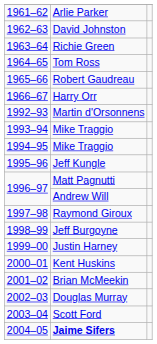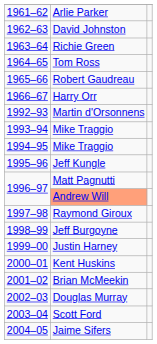 <table class="wikitable sortable">
 <tr>
 </tr>
 <tr>
 <td><a href='#'>1961–62</a></td>
 <td><a href='#'>Arlie Parker</a></td>
 <td><strong><a href='#'></a></strong></td>
 </tr>
 <tr>
 <td><a href='#'>1962–63</a></td>
 <td><a href='#'>David Johnston</a></td>
 <td><strong><a href='#'></a></strong></td>
 </tr>
 <tr>
 <td><a href='#'>1963–64</a></td>
 <td><a href='#'>Richie Green</a></td>
 <td><strong><a href='#'></a></strong></td>
 </tr>
 <tr>
 <td><a href='#'>1964–65</a></td>
 <td><a href='#'>Tom Ross</a></td>
 <td><strong><a href='#'></a></strong></td>
 </tr>
 <tr>
 <td><a href='#'>1965–66</a></td>
 <td><a href='#'>Robert Gaudreau</a></td>
 <td><strong><a href='#'></a></strong></td>
 </tr>
 <tr>
 <td><a href='#'>1966–67</a></td>
 <td><a href='#'>Harry Orr</a></td>
 <td><strong><a href='#'></a></strong></td>
 </tr>
 <tr>
 <td><a href='#'>1992–93</a></td>
 <td><a href='#'>Martin d'Orsonnens</a></td>
 <td><strong><a href='#'></a></strong></td>
 </tr>
 <tr>
 <td><a href='#'>1993–94</a></td>
 <td><a href='#'>Mike Traggio</a></td>
 <td><strong><a href='#'></a></strong></td>
 </tr>
 <tr>
 <td><a href='#'>1994–95</a></td>
 <td><a href='#'>Mike Traggio</a></td>
 <td><strong><a href='#'></a></strong></td>
 </tr>
 <tr>
 <td><a href='#'>1995–96</a></td>
 <td><a href='#'>Jeff Kungle</a></td>
 <td><strong><a href='#'></a></strong></td>
 </tr>
 <tr>
 <td rowspan=2><a href='#'>1996–97</a></td>
 <td><a href='#'>Matt Pagnutti</a></td>
 <td><strong><a href='#'></a></strong></td>
 </tr>
 <tr>
-<td><a href='#'>Andrew Will</a></td>
+<td style="background: lightsalmon;"><a href='#'>Andrew Will</a></td>
 <td><strong><a href='#'></a></strong></td>
 </tr>
 <tr>
 <td><a href='#'>1997–98</a></td>
 <td><a href='#'>Raymond Giroux</a></td>
 <td><strong><a href='#'></a></strong></td>
 </tr>
 <tr>
 <td><a href='#'>1998–99</a></td>
 <td><a href='#'>Jeff Burgoyne</a></td>
 <td><strong><a href='#'></a></strong></td>
 </tr>
 <tr>
 <td><a href='#'>1999–00</a></td>
 <td><a href='#'>Justin Harney</a></td>
 <td><strong><a href='#'></a></strong></td>
 </tr>
 <tr>
 <td><a href='#'>2000–01</a></td>
 <td><a href='#'>Kent Huskins</a></td>
 <td><strong><a href='#'></a></strong></td>
 </tr>
 <tr>
 <td><a href='#'>2001–02</a></td>
 <td><a href='#'>Brian McMeekin</a></td>
 <td><strong><a href='#'></a></strong></td>
 </tr>
 <tr>
 <td><a href='#'>2002–03</a></td>
 <td><a href='#'>Douglas Murray</a></td>
 <td><strong><a href='#'></a></strong></td>
 </tr>
 <tr>
 <td><a href='#'>2003–04</a></td>
 <td><a href='#'>Scott Ford</a></td>
 <td><strong><a href='#'></a></strong></td>
 </tr>
 <tr>
 <td><a href='#'>2004–05</a></td>
-<td><strong><a href='#'>Jaime Sifers</a></strong></td>
+<td><a href='#'>Jaime Sifers</a></td>
 <td><strong><a href='#'></a></strong></td>
 </tr>
 </table>
